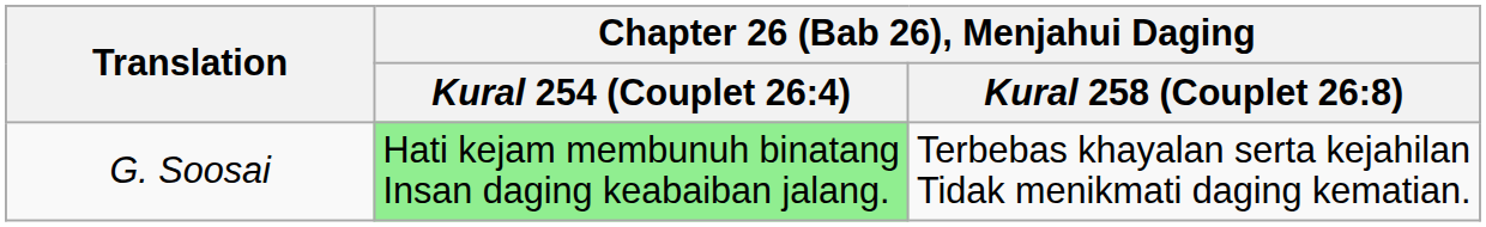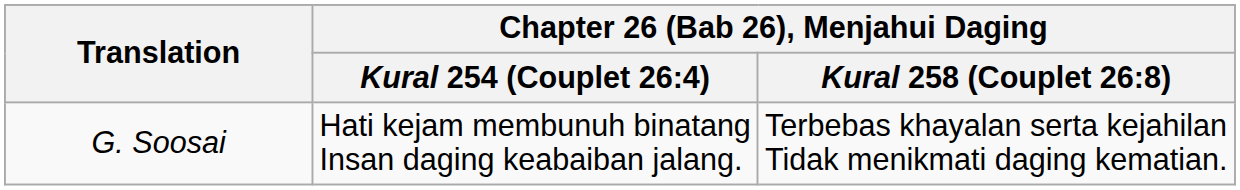 <table class="wikitable">
 <tr>
 <th style="text-align:center; width:25%;" rowspan="2">Translation</th>
 <th colspan="2">Chapter 26 (Bab 26), Menjahui Daging</th>
 </tr>
 <tr>
 <th><em>Kural</em> 254 (Couplet 26:4)</th>
 <th><em>Kural</em> 258 (Couplet 26:8)</th>
 </tr>
 <tr>
 <td style="text-align:center;"><em>G. Soosai</em></td>
-<td style="background: lightgreen;">Hati kejam membunuh binatang<br>Insan daging keabaiban jalang.</td>
+<td>Hati kejam membunuh binatang<br>Insan daging keabaiban jalang.</td>
 <td>Terbebas khayalan serta kejahilan<br>Tidak menikmati daging kematian.</td>
 </tr>
 </table>
